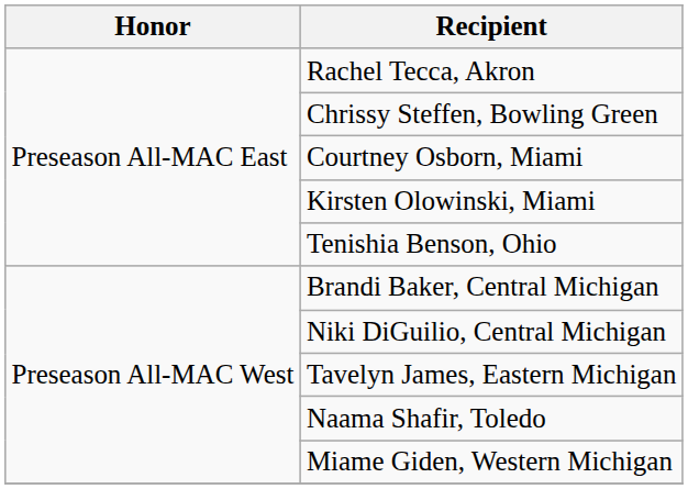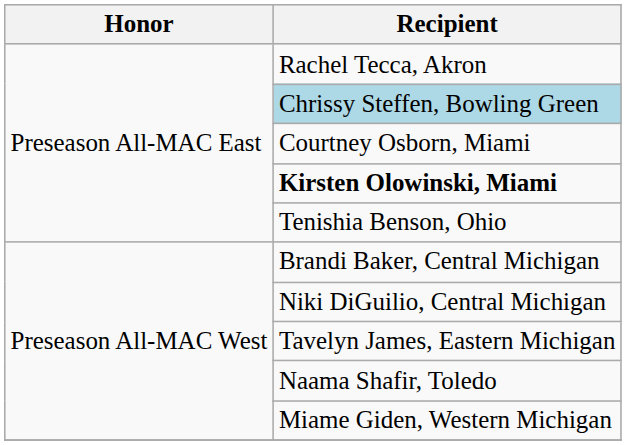 <table class="wikitable" border="1">
 <tr>
 <th>Honor</th>
 <th>Recipient</th>
 </tr>
 <tr>
 <td rowspan=5 valign=middle>Preseason All-MAC East</td>
 <td>Rachel Tecca, Akron</td>
 </tr>
 <tr>
-<td>Chrissy Steffen, Bowling Green</td>
+<td style="background: lightblue;">Chrissy Steffen, Bowling Green</td>
 </tr>
 <tr>
 <td>Courtney Osborn, Miami</td>
 </tr>
 <tr>
-<td>Kirsten Olowinski, Miami</td>
+<td><strong>Kirsten Olowinski, Miami</strong></td>
 </tr>
 <tr>
 <td>Tenishia Benson, Ohio</td>
 </tr>
 <tr>
 <td rowspan=5 valign=middle>Preseason All-MAC West</td>
 <td>Brandi Baker, Central Michigan</td>
 </tr>
 <tr>
 <td>Niki DiGuilio, Central Michigan</td>
 </tr>
 <tr>
 <td>Tavelyn James, Eastern Michigan</td>
 </tr>
 <tr>
 <td>Naama Shafir, Toledo</td>
 </tr>
 <tr>
 <td>Miame Giden, Western Michigan</td>
 </tr>
 <tr>
 </tr>
 </table>
